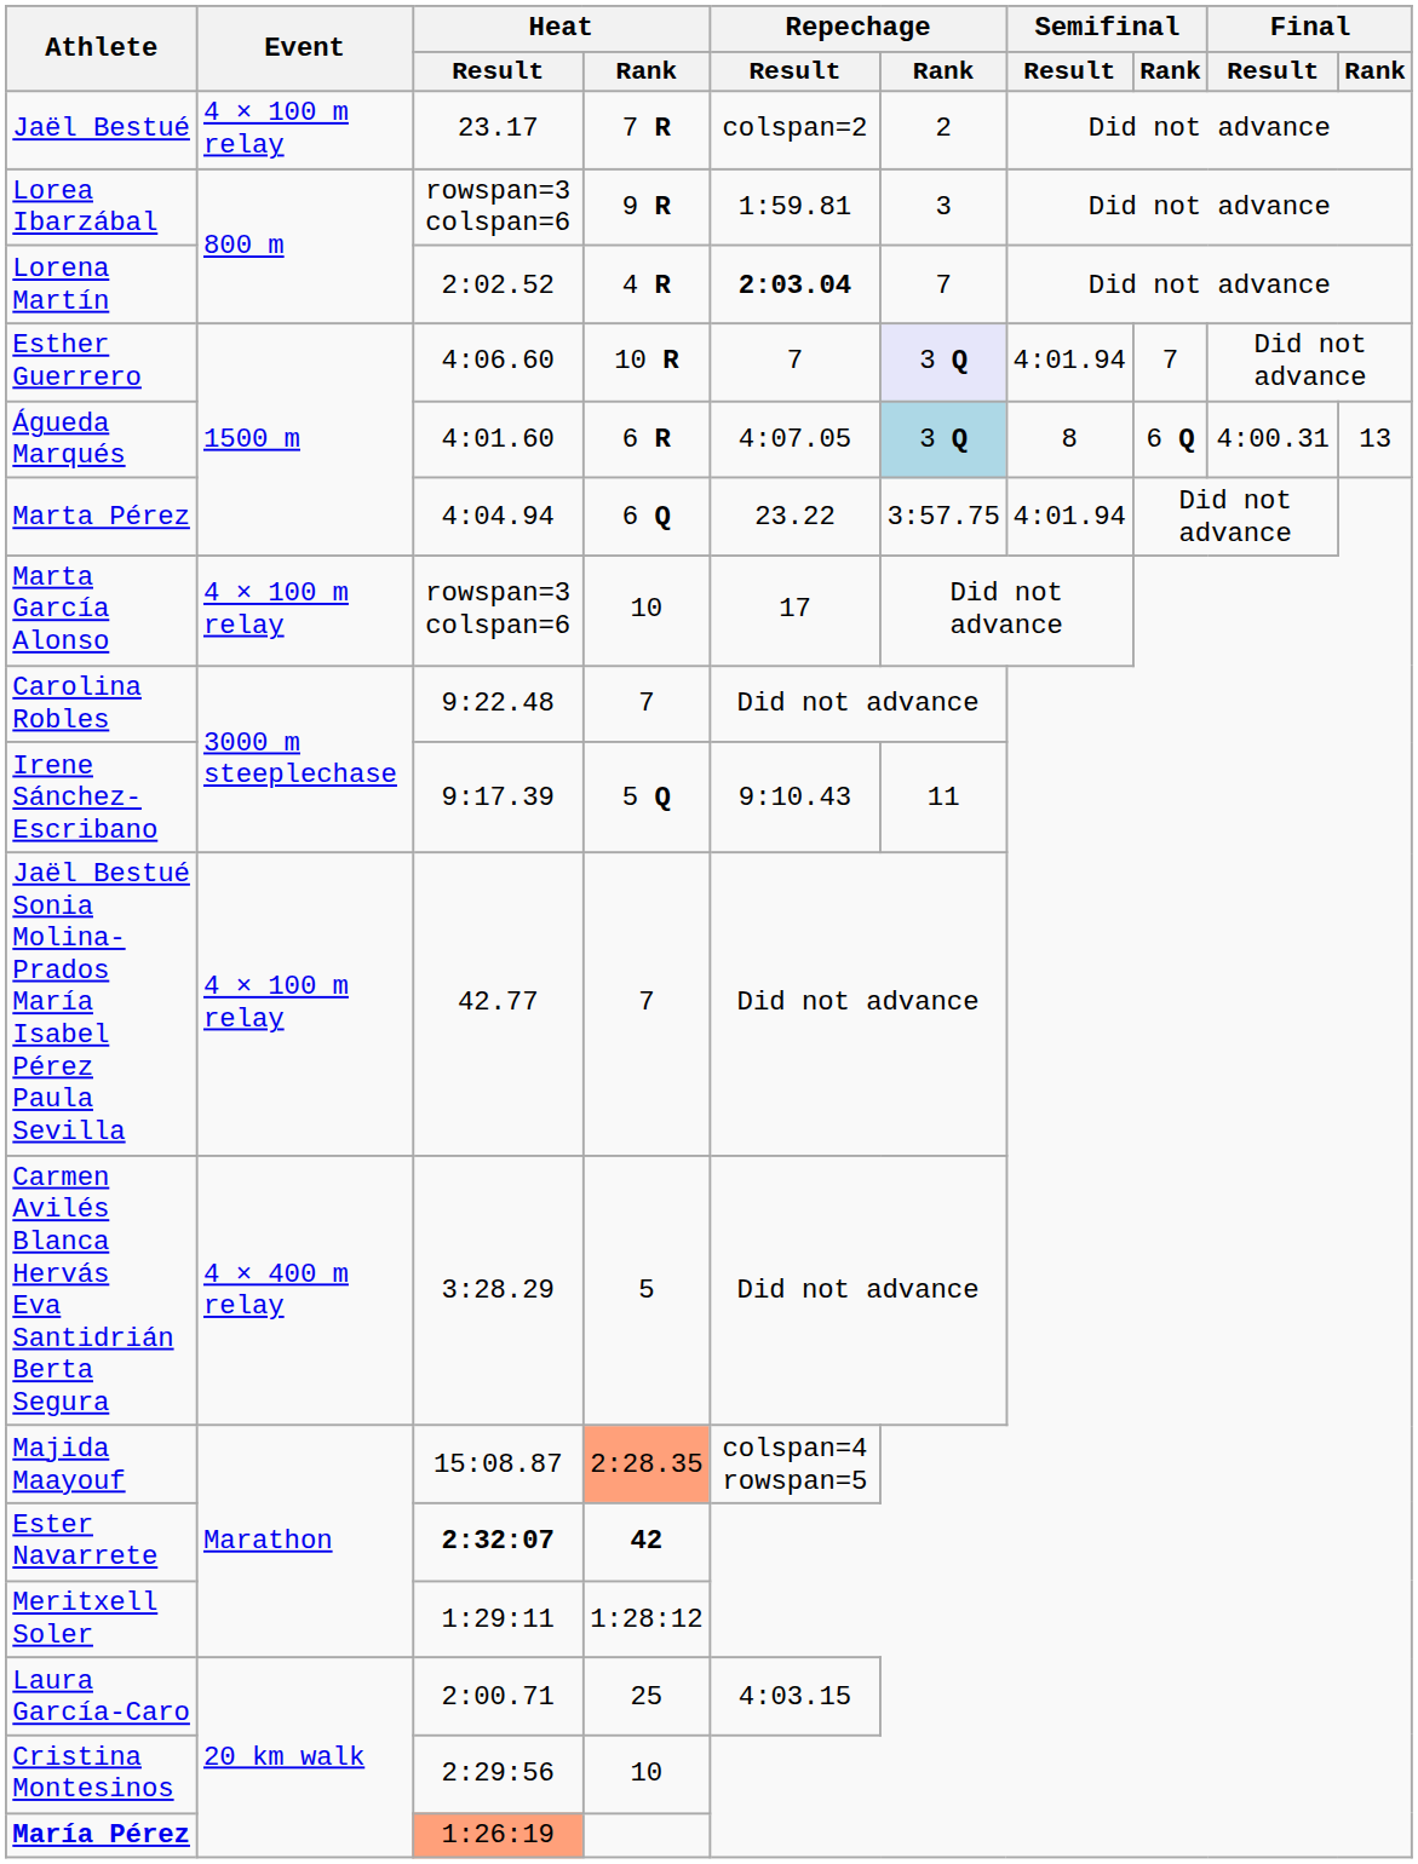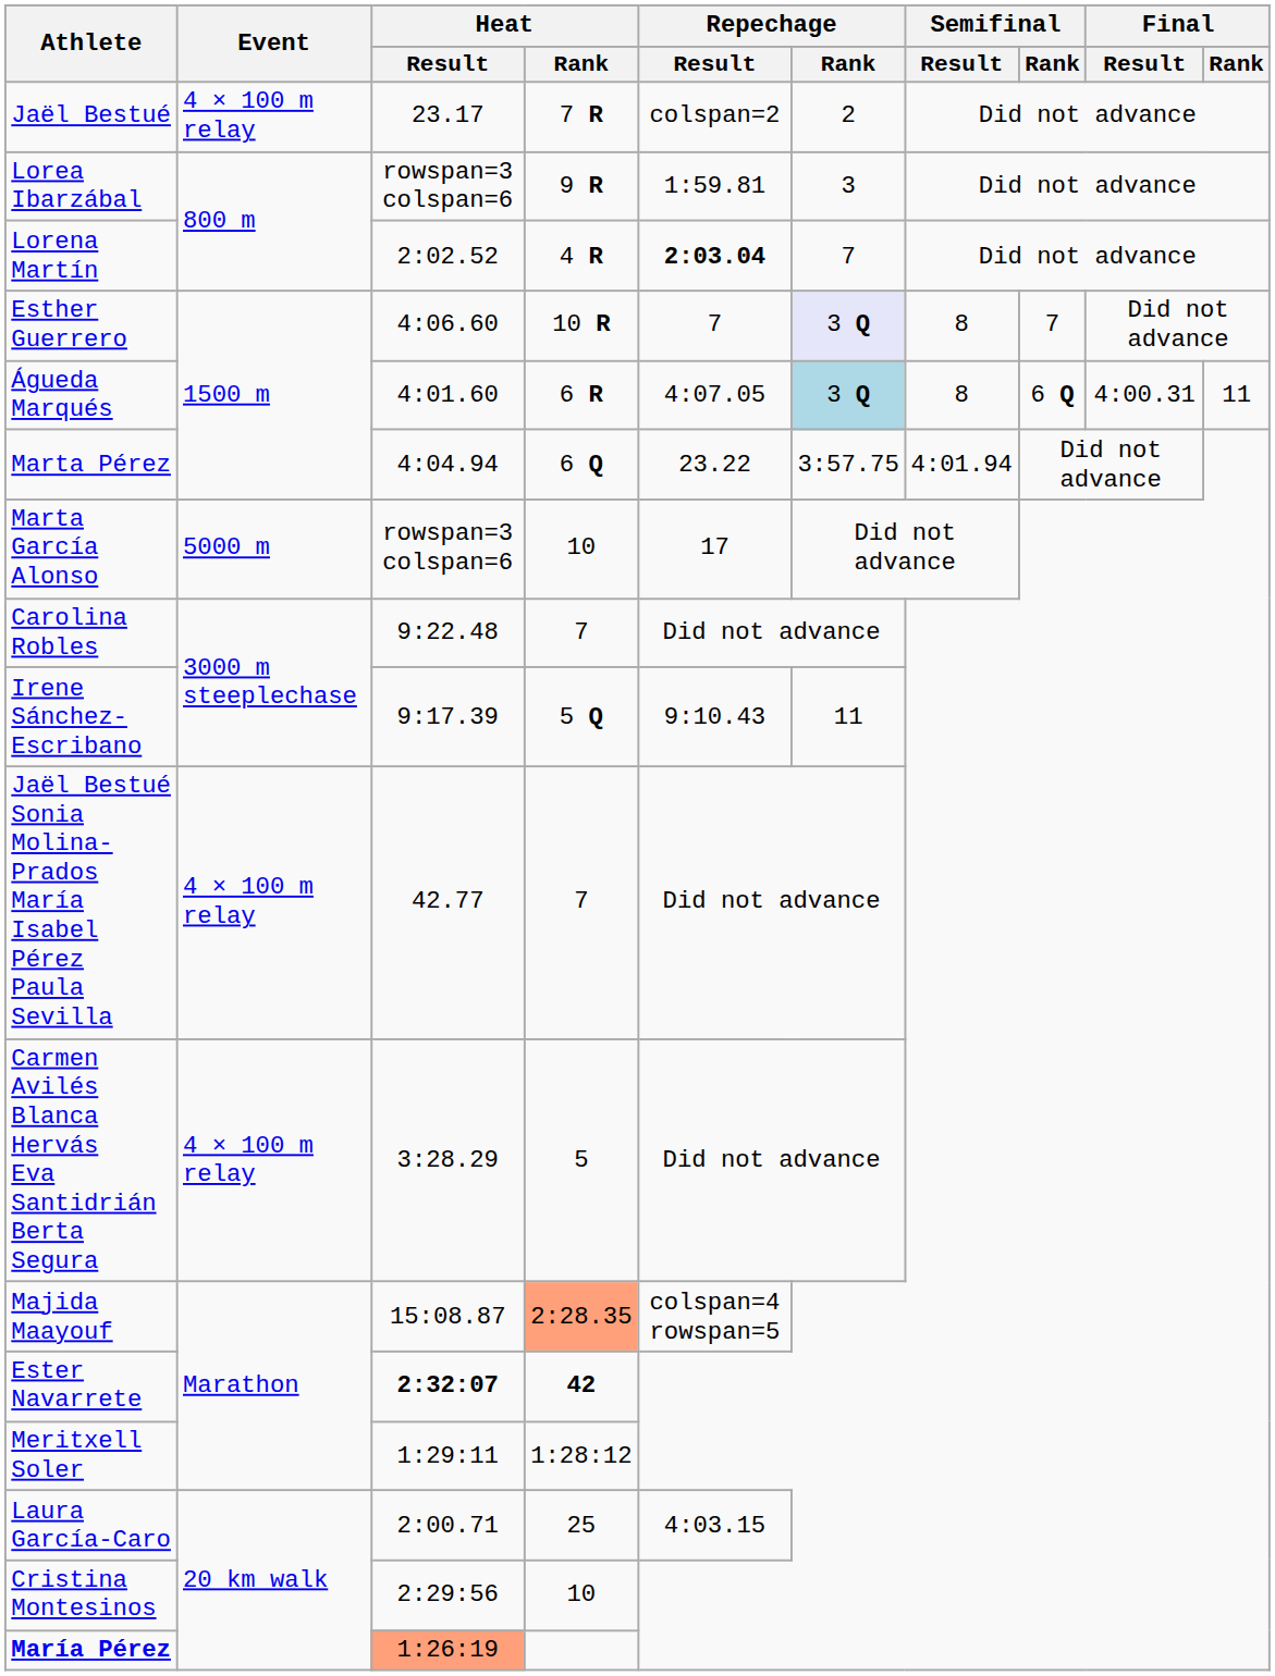 <table class="wikitable" style="font-size:90%">
 <tr>
 <th rowspan="2">Athlete</th>
 <th rowspan="2">Event</th>
 <th colspan="2">Heat</th>
 <th colspan="2">Repechage</th>
 <th colspan="2">Semifinal</th>
 <th colspan="2">Final</th>
 </tr>
 <tr style="font-size:95%">
 <th>Result</th>
 <th>Rank</th>
 <th>Result</th>
 <th>Rank</th>
 <th>Result</th>
 <th>Rank</th>
 <th>Result</th>
 <th>Rank</th>
 </tr>
 <tr align=center>
 <td align=left><a href='#'>Jaël Bestué</a></td>
 <td align=left><a href='#'>4 × 100 m relay</a></td>
 <td>23.17</td>
 <td>7 <strong>R</strong></td>
 <td>colspan=2 </td>
 <td>2</td>
 <td colspan=4>Did not advance</td>
 </tr>
 <tr align=center>
 <td align=left><a href='#'>Lorea Ibarzábal</a></td>
 <td align=left rowspan=2><a href='#'>800 m</a></td>
 <td>rowspan=3 colspan=6 </td>
 <td>9 <strong>R</strong></td>
 <td>1:59.81</td>
 <td>3</td>
 <td colspan=4>Did not advance</td>
 </tr>
 <tr align=center>
 <td align=left><a href='#'>Lorena Martín</a></td>
 <td>2:02.52</td>
 <td>4 <strong>R</strong></td>
 <td><strong>2:03.04</strong></td>
 <td>7</td>
 <td colspan=4>Did not advance</td>
 </tr>
 <tr align=center>
 <td align=left><a href='#'>Esther Guerrero</a></td>
 <td align=left rowspan=3><a href='#'>1500 m</a></td>
 <td>4:06.60</td>
 <td>10 <strong>R</strong></td>
 <td>7</td>
 <td style="background: lavender;">3 <strong>Q</strong></td>
-<td>4:01.94</td>
+<td>8</td>
 <td>7</td>
 <td colspan=2>Did not advance</td>
 </tr>
 <tr align=center>
 <td align=left><a href='#'>Águeda Marqués</a></td>
 <td>4:01.60 <strong></strong></td>
 <td>6 <strong>R</strong></td>
 <td>4:07.05</td>
 <td style="background: lightblue;">3 <strong>Q</strong></td>
 <td>8</td>
 <td>6 <strong>Q</strong></td>
 <td>4:00.31 <strong></strong></td>
-<td>13</td>
+<td>11</td>
 </tr>
 <tr align=center>
 <td align=left><a href='#'>Marta Pérez</a></td>
 <td>4:04.94</td>
 <td>6 <strong>Q</strong></td>
 <td>23.22</td>
 <td>3:57.75 <strong></strong></td>
 <td>4:01.94</td>
 <td colspan=2>Did not advance</td>
 </tr>
 <tr align=center>
 <td align=left><a href='#'>Marta García Alonso</a></td>
-<td align=left><a href='#'>4 × 100 m relay</a></td>
+<td align=left><a href='#'>5000 m</a></td>
 <td>rowspan=3 colspan=6 </td>
 <td>10</td>
 <td>17</td>
 <td colspan=2>Did not advance</td>
 </tr>
 <tr align=center>
 <td align=left><a href='#'>Carolina Robles</a></td>
 <td align=left rowspan=2><a href='#'>3000 m steeplechase</a></td>
 <td>9:22.48</td>
 <td>7</td>
 <td colspan=2>Did not advance</td>
 </tr>
 <tr align=center>
 <td align=left><a href='#'>Irene Sánchez-Escribano</a></td>
 <td>9:17.39 <strong></strong></td>
 <td>5 <strong>Q</strong></td>
 <td>9:10.43 <strong></strong></td>
 <td>11</td>
 </tr>
 <tr align=center>
 <td align=left><a href='#'>Jaël Bestué</a><br><a href='#'>Sonia Molina-Prados</a><br><a href='#'>María Isabel Pérez</a><br><a href='#'>Paula Sevilla</a></td>
 <td align=left><a href='#'>4 × 100 m relay</a></td>
 <td>42.77 <strong></strong></td>
 <td>7</td>
 <td colspan=2>Did not advance</td>
 </tr>
 <tr align=center>
 <td align=left><a href='#'>Carmen Avilés</a><br><a href='#'>Blanca Hervás</a><br><a href='#'>Eva Santidrián</a><br><a href='#'>Berta Segura</a><br></td>
-<td align=left><a href='#'>4 × 400 m relay</a></td>
+<td align=left><a href='#'>4 × 100 m relay</a></td>
 <td>3:28.29</td>
 <td>5</td>
 <td colspan=2>Did not advance</td>
 </tr>
 <tr align=center>
 <td align=left><a href='#'>Majida Maayouf</a></td>
 <td align=left rowspan=3><a href='#'>Marathon</a></td>
 <td>15:08.87</td>
 <td style="background: lightsalmon;">2:28.35 <strong></strong></td>
 <td>colspan=4 rowspan=5 </td>
 </tr>
 <tr align=center>
 <td align=left><a href='#'>Ester Navarrete</a></td>
 <td><strong>2:32:07</strong></td>
 <td><strong>42</strong></td>
 </tr>
 <tr align=center>
 <td align=left><a href='#'>Meritxell Soler</a></td>
 <td>1:29:11</td>
 <td>1:28:12</td>
 </tr>
 <tr align=center>
 <td align=left><a href='#'>Laura García-Caro</a></td>
 <td align=left rowspan=3><a href='#'>20 km walk</a></td>
 <td>2:00.71</td>
 <td>25</td>
 <td>4:03.15</td>
 </tr>
 <tr align=center>
 <td align=left><a href='#'>Cristina Montesinos</a></td>
 <td>2:29:56</td>
 <td>10</td>
 </tr>
 <tr align=center>
 <td align=left><strong><a href='#'>María Pérez</a></strong></td>
 <td style="background: lightsalmon;">1:26:19 <strong></strong></td>
 <td></td>
 </tr>
 </table>
